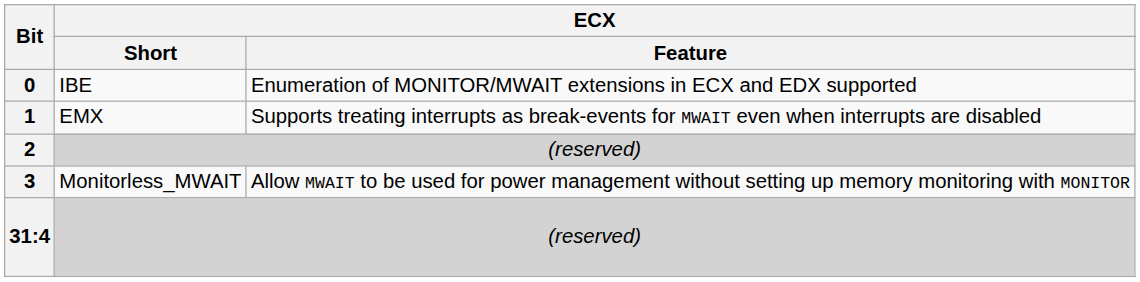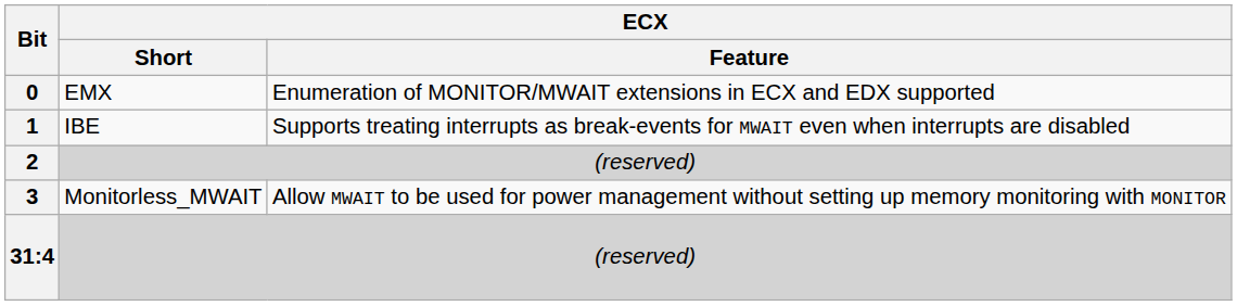 <table class="wikitable">
 <tr>
 <th rowspan="2">Bit</th>
 <th colspan="2">ECX</th>
 </tr>
 <tr>
 <th>Short</th>
 <th>Feature</th>
 </tr>
 <tr>
 <th>0</th>
-<td>IBE</td>
+<td>EMX</td>
 <td>Enumeration of MONITOR/MWAIT extensions in ECX and EDX supported</td>
 </tr>
 <tr>
 <th>1</th>
-<td>EMX</td>
+<td>IBE</td>
 <td>Supports treating interrupts as break-events for <code>MWAIT</code> even when interrupts are disabled</td>
 </tr>
 <tr>
 <th>2</th>
 <td colspan="2" style="text-align:center; background:lightgrey;"><em>(reserved)</em></td>
 </tr>
 <tr>
 <th>3</th>
 <td>Monitorless_­MWAIT</td>
 <td>Allow <code>MWAIT</code> to be used for power management without setting up memory monitoring with <code>MONITOR</code></td>
 </tr>
 <tr>
 <th><br>31:4<br> </th>
 <td colspan="2" style="text-align:center; background:lightgrey;"><em>(reserved)</em></td>
 </tr>
 </table>
